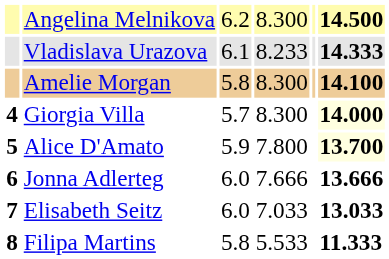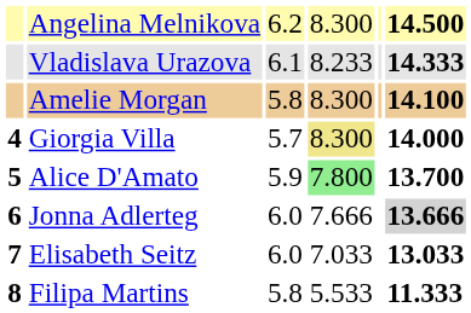 <table>
 <tr style="background:#fffcaf;">
 <th scope=row style="text-align:center"></th>
 <td style="text-align:left;"> <a href='#'>Angelina Melnikova</a></td>
 <td>6.2</td>
 <td>8.300</td>
 <td></td>
 <td><strong>14.500</strong></td>
 </tr>
 <tr style="background:#e5e5e5;">
 <th scope=row style="text-align:center"></th>
 <td style="text-align:left;"> <a href='#'>Vladislava Urazova</a></td>
 <td>6.1</td>
 <td>8.233</td>
 <td></td>
 <td><strong>14.333</strong></td>
 </tr>
 <tr style="background:#ec9;">
 <th scope=row style="text-align:center"></th>
 <td style="text-align:left;"> <a href='#'>Amelie Morgan</a></td>
 <td>5.8</td>
 <td>8.300</td>
 <td></td>
 <td><strong>14.100</strong></td>
 </tr>
 <tr>
 <th scope=row style="text-align:center">4</th>
 <td style="text-align:left;"> <a href='#'>Giorgia Villa</a></td>
 <td>5.7</td>
-<td>8.300</td>
+<td style="background: khaki;">8.300</td>
 <td></td>
-<td style="background: lightyellow;"><strong>14.000</strong></td>
+<td><strong>14.000</strong></td>
 </tr>
 <tr>
 <th scope=row style="text-align:center">5</th>
 <td style="text-align:left;"> <a href='#'>Alice D'Amato</a></td>
 <td>5.9</td>
-<td>7.800</td>
+<td style="background: lightgreen;">7.800</td>
 <td></td>
-<td style="background: lightyellow;"><strong>13.700</strong></td>
+<td><strong>13.700</strong></td>
 </tr>
 <tr>
 <th scope=row style="text-align:center">6</th>
 <td style="text-align:left;"> <a href='#'>Jonna Adlerteg</a></td>
 <td>6.0</td>
 <td>7.666</td>
 <td></td>
-<td><strong>13.666</strong></td>
+<td style="background: lightgrey;"><strong>13.666</strong></td>
 </tr>
 <tr>
 <th scope=row style="text-align:center">7</th>
 <td style="text-align:left;"> <a href='#'>Elisabeth Seitz</a></td>
 <td>6.0</td>
 <td>7.033</td>
 <td></td>
 <td><strong>13.033</strong></td>
 </tr>
 <tr>
 <th scope=row style="text-align:center">8</th>
 <td style="text-align:left;"> <a href='#'>Filipa Martins</a></td>
 <td>5.8</td>
 <td>5.533</td>
 <td></td>
 <td><strong>11.333</strong></td>
 </tr>
 </table>
